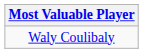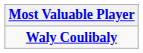 <table class=wikitable style="text-align:center; margin:auto">
 <tr>
 <th><a href='#'>Most Valuable Player</a></th>
 </tr>
 <tr>
-<td> <a href='#'>Waly Coulibaly</a></td>
+<td><strong> <a href='#'>Waly Coulibaly</a></strong></td>
 </tr>
 </table>
